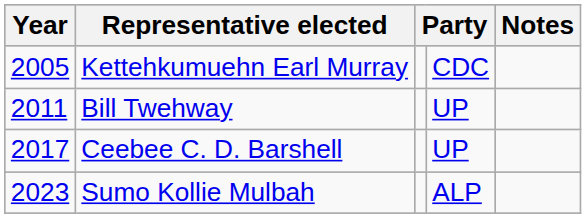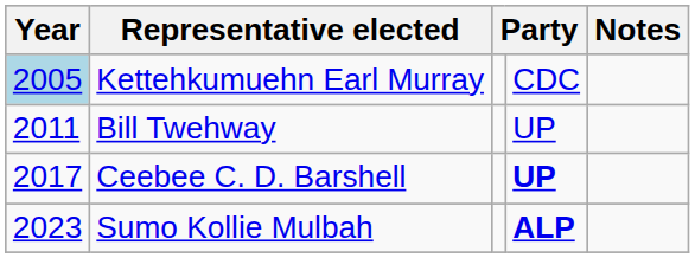 <table class="wikitable">
 <tr>
 <th>Year</th>
 <th>Representative elected</th>
 <th colspan=2>Party</th>
 <th>Notes</th>
 </tr>
 <tr>
-<td><a href='#'>2005</a></td>
+<td style="background: lightblue;"><a href='#'>2005</a></td>
 <td><a href='#'>Kettehkumuehn Earl Murray</a></td>
 <td></td>
 <td><a href='#'>CDC</a></td>
 <td></td>
 </tr>
 <tr>
 <td><a href='#'>2011</a></td>
 <td><a href='#'>Bill Twehway</a></td>
 <td></td>
 <td><a href='#'>UP</a></td>
 <td></td>
 </tr>
 <tr>
 <td><a href='#'>2017</a></td>
 <td><a href='#'>Ceebee C. D. Barshell</a></td>
 <td></td>
-<td><a href='#'>UP</a></td>
+<td><strong><a href='#'>UP</a></strong></td>
 <td></td>
 </tr>
 <tr>
 <td><a href='#'>2023</a></td>
 <td><a href='#'>Sumo Kollie Mulbah</a></td>
 <td></td>
-<td><a href='#'>ALP</a></td>
+<td><strong><a href='#'>ALP</a></strong></td>
 <td></td>
 </tr>
 </table>
